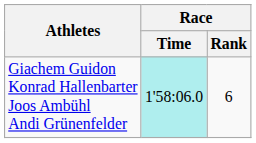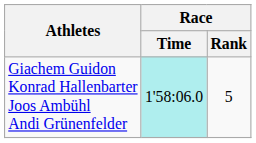 <table class="wikitable" border="1" style="font-size:90%">
 <tr>
 <th rowspan=2>Athletes</th>
 <th colspan=2>Race</th>
 </tr>
 <tr>
 <th>Time</th>
 <th>Rank</th>
 </tr>
 <tr>
 <td><a href='#'>Giachem Guidon</a><br><a href='#'>Konrad Hallenbarter</a><br><a href='#'>Joos Ambühl</a><br><a href='#'>Andi Grünenfelder</a></td>
 <td align=center style="background: paleturquoise;">1'58:06.0</td>
-<td align=center>6</td>
+<td align=center>5</td>
 </tr>
 </table>
